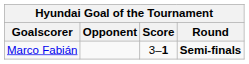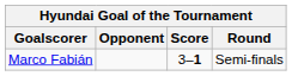 <table class="wikitable" style="text-align:center">
 <tr>
 <th colspan=4>Hyundai Goal of the Tournament</th>
 </tr>
 <tr>
 <th>Goalscorer</th>
 <th>Opponent</th>
 <th>Score</th>
 <th>Round</th>
 </tr>
 <tr>
 <td> <a href='#'>Marco Fabián</a></td>
 <td></td>
 <td>3–<strong>1</strong></td>
-<td><strong>Semi-finals</strong></td>
+<td>Semi-finals</td>
 </tr>
 </table>
